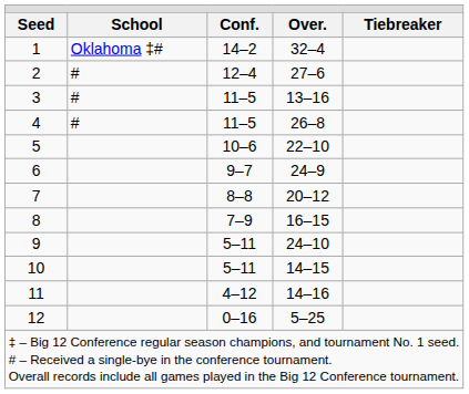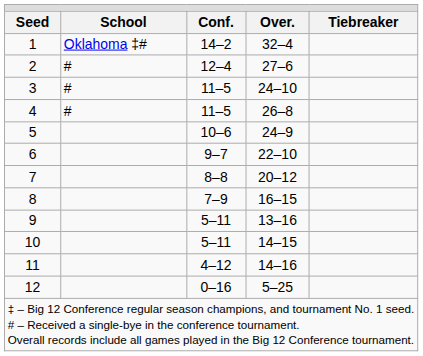 <table class="wikitable" style="white-space:nowrap; font-size:90%;text-align:center">
 <tr>
 <td colspan="10" style="text-align:center; background:#DDDDDD; font:#000000"><strong></strong></td>
 </tr>
 <tr bgcolor="#efefef">
 <th>Seed</th>
 <th>School</th>
 <th>Conf.</th>
 <th>Over.</th>
 <th>Tiebreaker</th>
 </tr>
 <tr>
 <td>1</td>
 <td align=left><a href='#'>Oklahoma</a> ‡#</td>
 <td>14–2</td>
 <td>32–4</td>
 <td></td>
 </tr>
 <tr>
 <td>2</td>
 <td align=left> #</td>
 <td>12–4</td>
 <td>27–6</td>
 <td></td>
 </tr>
 <tr>
 <td>3</td>
 <td align=left> #</td>
 <td>11–5</td>
-<td>13–16</td>
+<td>24–10</td>
 <td></td>
 </tr>
 <tr>
 <td>4</td>
 <td align=left> #</td>
 <td>11–5</td>
 <td>26–8</td>
 <td></td>
 </tr>
 <tr>
 <td>5</td>
 <td align=left></td>
 <td>10–6</td>
-<td>22–10</td>
+<td>24–9</td>
 <td></td>
 </tr>
 <tr>
 <td>6</td>
 <td align=left></td>
 <td>9–7</td>
-<td>24–9</td>
+<td>22–10</td>
 <td></td>
 </tr>
 <tr>
 <td>7</td>
 <td align=left></td>
 <td>8–8</td>
 <td>20–12</td>
 <td></td>
 </tr>
 <tr>
 <td>8</td>
 <td align=left></td>
 <td>7–9</td>
 <td>16–15</td>
 <td></td>
 </tr>
 <tr>
 <td>9</td>
 <td align=left></td>
 <td>5–11</td>
-<td>24–10</td>
+<td>13–16</td>
 <td></td>
 </tr>
 <tr>
 <td>10</td>
 <td align=left></td>
 <td>5–11</td>
 <td>14–15</td>
 <td></td>
 </tr>
 <tr>
 <td>11</td>
 <td align=left></td>
 <td>4–12</td>
 <td>14–16</td>
 <td></td>
 </tr>
 <tr>
 <td>12</td>
 <td align=left></td>
 <td>0–16</td>
 <td>5–25</td>
 <td></td>
 </tr>
 <tr>
 <td colspan="10" style="text-align:left;"><small>‡ – Big 12 Conference regular season champions, and tournament No. 1 seed.<br># – Received a single-bye in the conference tournament.<br>Overall records include all games played in the Big 12 Conference tournament.</small></td>
 </tr>
 </table>
